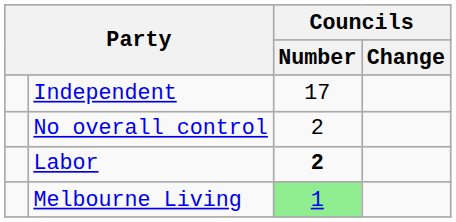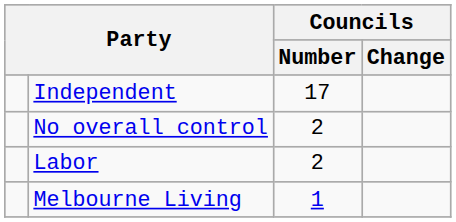 <table id="tblbyparty" class="wikitable" style="text-align:right; font-size:100%;">
 <tr>
 <th colspan="2" rowspan="2">Party</th>
 <th colspan="2">Councils</th>
 </tr>
 <tr>
 <th scope="col">Number</th>
 <th scope="col">Change</th>
 </tr>
 <tr>
 <td> </td>
 <td style="text-align:left;"><a href='#'>Independent</a></td>
 <td style="text-align:center;">17</td>
 <td style="text-align:center;"></td>
 </tr>
 <tr>
 <td> </td>
 <td style="text-align:left;"><a href='#'>No overall control</a></td>
 <td style="text-align:center;">2</td>
 <td style="text-align:center;"></td>
 </tr>
 <tr>
 <td> </td>
 <td style="text-align:left;"><a href='#'>Labor</a></td>
-<td style="text-align:center;"><strong>2</strong></td>
+<td style="text-align:center;">2</td>
 <td style="text-align:center;"></td>
 </tr>
 <tr>
 <td> </td>
 <td style="text-align:left;"><a href='#'>Melbourne Living</a></td>
-<td style="background: lightgreen; text-align:center;"><a href='#'>1</a></td>
+<td style="text-align:center;"><a href='#'>1</a></td>
 <td style="text-align:center;"></td>
 </tr>
 </table>
